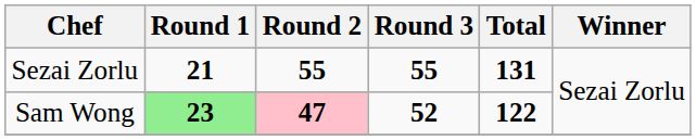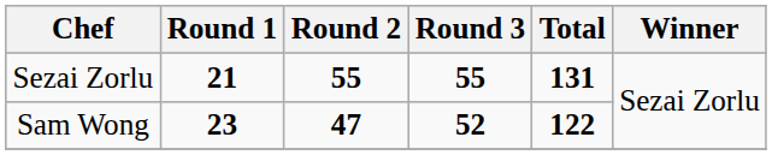 <table class="wikitable"  style="float:left; margin:auto; text-align:center;">
 <tr>
 <th>Chef</th>
 <th>Round 1</th>
 <th>Round 2</th>
 <th>Round 3</th>
 <th>Total</th>
 <th>Winner</th>
 </tr>
 <tr>
 <td>Sezai Zorlu</td>
 <td><strong>21</strong></td>
 <td><strong>55</strong></td>
 <td><strong>55</strong></td>
 <td><strong>131</strong></td>
 <td rowspan=2>Sezai Zorlu</td>
 </tr>
 <tr>
 <td>Sam Wong</td>
-<td style="background: lightgreen;"><strong>23</strong></td>
-<td style="background: pink;"><strong>47</strong></td>
+<td><strong>23</strong></td>
+<td><strong>47</strong></td>
 <td><strong>52</strong></td>
 <td><strong>122</strong></td>
 </tr>
 <tr>
 </tr>
 </table>
